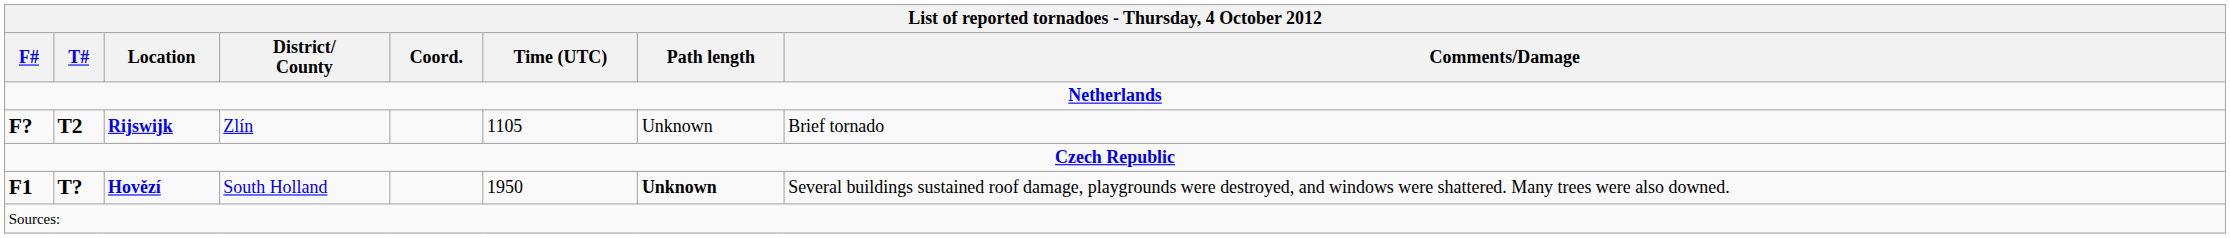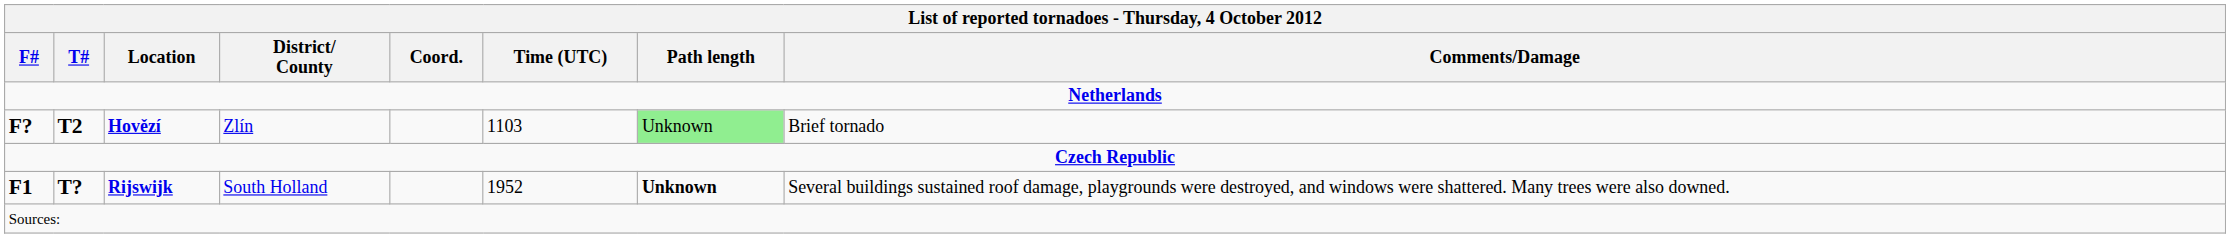 <table class="wikitable collapsible" width="100%">
 <tr>
 <th colspan="8">List of reported tornadoes - Thursday, 4 October 2012</th>
 </tr>
 <tr>
 <th><a href='#'>F#</a></th>
 <th><a href='#'>T#</a></th>
 <th>Location</th>
 <th>District/<br>County</th>
 <th>Coord.</th>
 <th>Time (UTC)</th>
 <th>Path length</th>
 <th>Comments/Damage</th>
 </tr>
 <tr>
 <td colspan="8" align=center><strong><a href='#'>Netherlands</a></strong></td>
 </tr>
 <tr>
 <td><big><strong>F?</strong></big></td>
 <td><big><strong>T2</strong></big></td>
-<td><strong><a href='#'>Rijswijk</a></strong></td>
+<td><strong><a href='#'>Hovězí</a></strong></td>
 <td><a href='#'>Zlín</a></td>
 <td></td>
-<td>1105</td>
-<td>Unknown</td>
+<td>1103</td>
+<td style="background: lightgreen;">Unknown</td>
 <td>Brief tornado</td>
 </tr>
 <tr>
 <td colspan="8" align=center><strong><a href='#'>Czech Republic</a></strong></td>
 </tr>
 <tr>
 <td><big><strong>F1</strong></big></td>
 <td><big><strong>T?</strong></big></td>
-<td><strong><a href='#'>Hovězí</a></strong></td>
+<td><strong><a href='#'>Rijswijk</a></strong></td>
 <td><a href='#'>South Holland</a></td>
 <td></td>
-<td>1950</td>
+<td>1952</td>
 <td><strong>Unknown</strong></td>
 <td>Several buildings sustained roof damage, playgrounds were destroyed, and windows were shattered. Many trees were also downed.</td>
 </tr>
 <tr>
 <td colspan="8"><small>Sources:  </small></td>
 </tr>
 </table>
